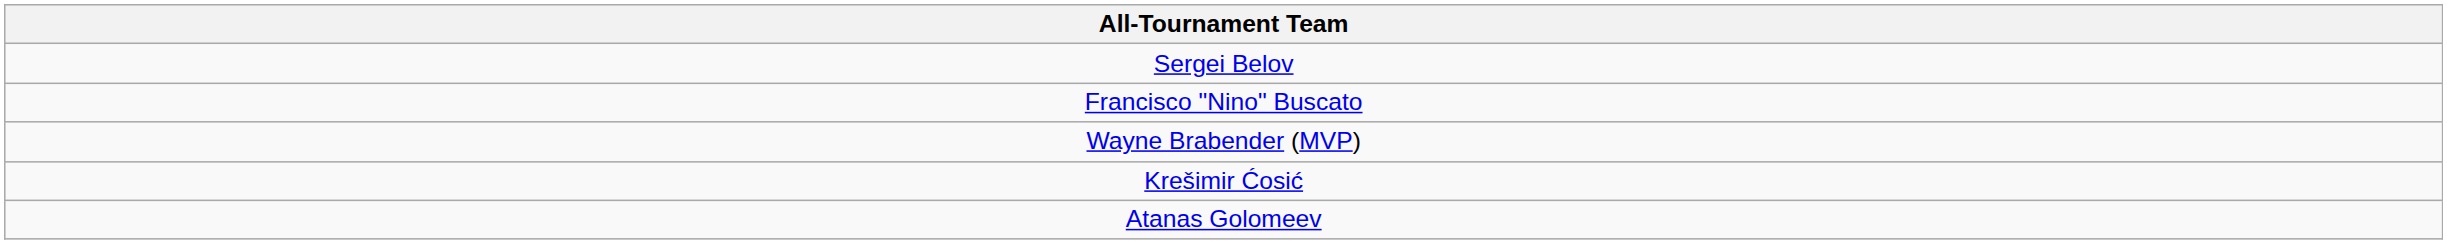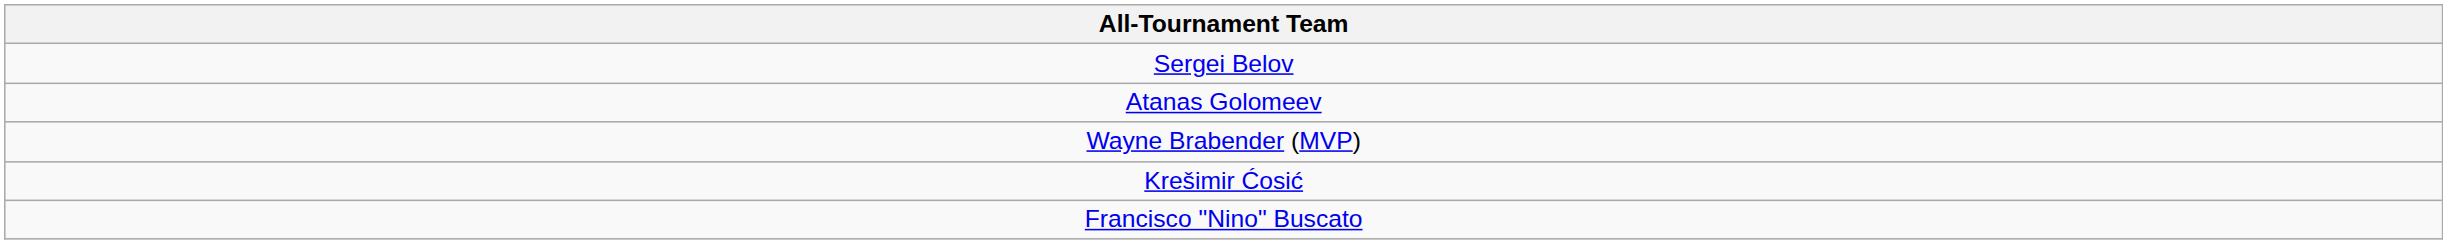 <table | class="wikitable sortable" style="text-align:center; width: 100%;">
 <tr>
 <th>All-Tournament Team</th>
 </tr>
 <tr>
 <td> <a href='#'>Sergei Belov</a></td>
 </tr>
 <tr>
-<td> <a href='#'>Francisco "Nino" Buscato</a></td>
+<td> <a href='#'>Atanas Golomeev</a></td>
 </tr>
 <tr>
 <td> <a href='#'>Wayne Brabender</a> (<a href='#'>MVP</a>)</td>
 </tr>
 <tr>
 <td> <a href='#'>Krešimir Ćosić</a></td>
 </tr>
 <tr>
-<td> <a href='#'>Atanas Golomeev</a></td>
+<td> <a href='#'>Francisco "Nino" Buscato</a></td>
 </tr>
 </table>
